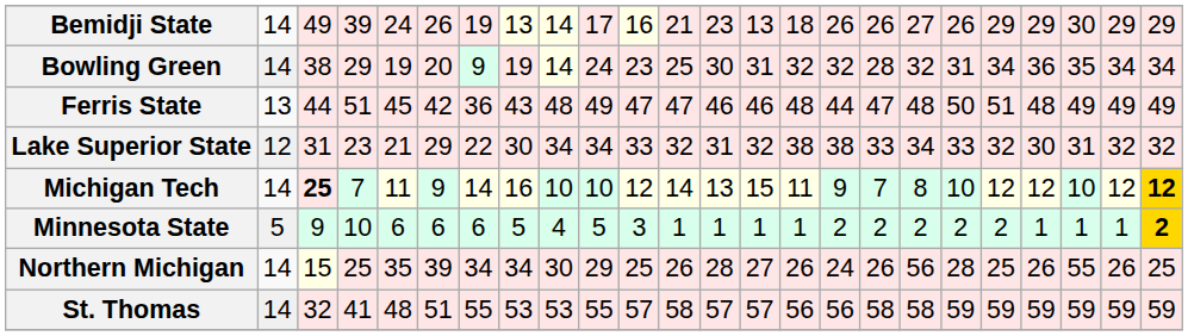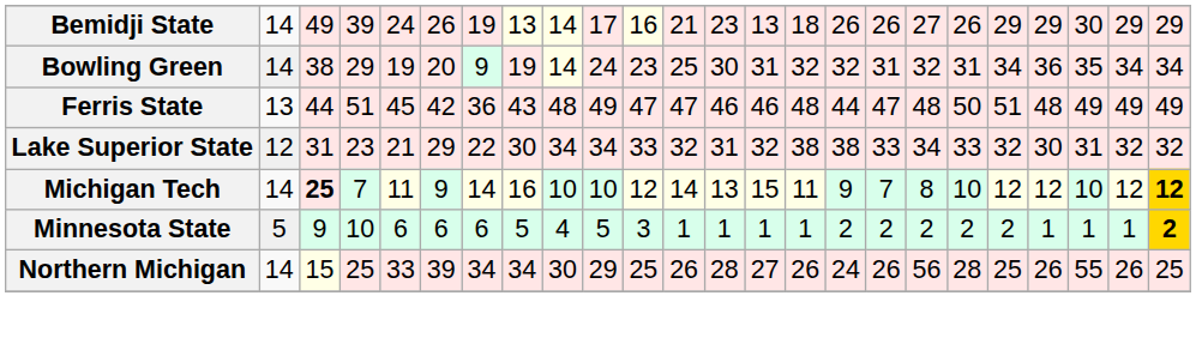 <table class="wikitable sortable" style="text-align: center;">
 <tr>
 </tr>
 <tr>
 <th>Bemidji State</th>
 <td>14</td>
 <td bgcolor=FFE6E6>49</td>
 <td bgcolor=FFE6E6>39</td>
 <td bgcolor=FFE6E6>24</td>
 <td bgcolor=FFE6E6>26</td>
 <td bgcolor=FFE6E6>19</td>
 <td bgcolor=FFFFE6>13</td>
 <td bgcolor=FFFFE6>14</td>
 <td bgcolor=FFE6E6>17</td>
 <td bgcolor=FFFFE6>16</td>
 <td bgcolor=FFE6E6>21</td>
 <td bgcolor=FFE6E6>23</td>
 <td bgcolor=FFE6E6>13</td>
 <td bgcolor=FFE6E6>18</td>
 <td bgcolor=FFE6E6>26</td>
 <td bgcolor=FFE6E6>26</td>
 <td bgcolor=FFE6E6>27</td>
 <td bgcolor=FFE6E6>26</td>
 <td bgcolor=FFE6E6>29</td>
 <td bgcolor=FFE6E6>29</td>
 <td bgcolor=FFE6E6>30</td>
 <td bgcolor=FFE6E6>29</td>
 <td bgcolor=FFE6E6>29</td>
 </tr>
 <tr bgcolor=f0f0f0>
 <th>Bowling Green</th>
 <td>14</td>
 <td bgcolor=FFE6E6>38</td>
 <td bgcolor=FFE6E6>29</td>
 <td bgcolor=FFE6E6>19</td>
 <td bgcolor=FFE6E6>20</td>
 <td bgcolor=D8FFEB>9</td>
 <td bgcolor=FFE6E6>19</td>
 <td bgcolor=FFFFE6>14</td>
 <td bgcolor=FFE6E6>24</td>
 <td bgcolor=FFE6E6>23</td>
 <td bgcolor=FFE6E6>25</td>
 <td bgcolor=FFE6E6>30</td>
 <td bgcolor=FFE6E6>31</td>
 <td bgcolor=FFE6E6>32</td>
 <td bgcolor=FFE6E6>32</td>
-<td bgcolor=FFE6E6>28</td>
+<td bgcolor=FFE6E6>31</td>
 <td bgcolor=FFE6E6>32</td>
 <td bgcolor=FFE6E6>31</td>
 <td bgcolor=FFE6E6>34</td>
 <td bgcolor=FFE6E6>36</td>
 <td bgcolor=FFE6E6>35</td>
 <td bgcolor=FFE6E6>34</td>
 <td bgcolor=FFE6E6>34</td>
 </tr>
 <tr>
 <th>Ferris State</th>
 <td>13</td>
 <td bgcolor=FFE6E6>44</td>
 <td bgcolor=FFE6E6>51</td>
 <td bgcolor=FFE6E6>45</td>
 <td bgcolor=FFE6E6>42</td>
 <td bgcolor=FFE6E6>36</td>
 <td bgcolor=FFE6E6>43</td>
 <td bgcolor=FFE6E6>48</td>
 <td bgcolor=FFE6E6>49</td>
 <td bgcolor=FFE6E6>47</td>
 <td bgcolor=FFE6E6>47</td>
 <td bgcolor=FFE6E6>46</td>
 <td bgcolor=FFE6E6>46</td>
 <td bgcolor=FFE6E6>48</td>
 <td bgcolor=FFE6E6>44</td>
 <td bgcolor=FFE6E6>47</td>
 <td bgcolor=FFE6E6>48</td>
 <td bgcolor=FFE6E6>50</td>
 <td bgcolor=FFE6E6>51</td>
 <td bgcolor=FFE6E6>48</td>
 <td bgcolor=FFE6E6>49</td>
 <td bgcolor=FFE6E6>49</td>
 <td bgcolor=FFE6E6>49</td>
 </tr>
 <tr bgcolor=f0f0f0>
 <th>Lake Superior State</th>
 <td>12</td>
 <td bgcolor=FFE6E6>31</td>
 <td bgcolor=FFE6E6>23</td>
 <td bgcolor=FFE6E6>21</td>
 <td bgcolor=FFE6E6>29</td>
 <td bgcolor=FFE6E6>22</td>
 <td bgcolor=FFE6E6>30</td>
 <td bgcolor=FFE6E6>34</td>
 <td bgcolor=FFE6E6>34</td>
 <td bgcolor=FFE6E6>33</td>
 <td bgcolor=FFE6E6>32</td>
 <td bgcolor=FFE6E6>31</td>
 <td bgcolor=FFE6E6>32</td>
 <td bgcolor=FFE6E6>38</td>
 <td bgcolor=FFE6E6>38</td>
 <td bgcolor=FFE6E6>33</td>
 <td bgcolor=FFE6E6>34</td>
 <td bgcolor=FFE6E6>33</td>
 <td bgcolor=FFE6E6>32</td>
 <td bgcolor=FFE6E6>30</td>
 <td bgcolor=FFE6E6>31</td>
 <td bgcolor=FFE6E6>32</td>
 <td bgcolor=FFE6E6>32</td>
 </tr>
 <tr>
 <th>Michigan Tech</th>
 <td>14</td>
 <td bgcolor=FFE6E6><strong>25</strong></td>
 <td bgcolor=D8FFEB>7</td>
 <td bgcolor=FFFFE6>11</td>
 <td bgcolor=D8FFEB>9</td>
 <td bgcolor=FFFFE6>14</td>
 <td bgcolor=FFFFE6>16</td>
 <td bgcolor=D8FFEB>10</td>
 <td bgcolor=D8FFEB>10</td>
 <td bgcolor=FFFFE6>12</td>
 <td bgcolor=FFFFE6>14</td>
 <td bgcolor=FFFFE6>13</td>
 <td bgcolor=FFFFE6>15</td>
 <td bgcolor=FFFFE6>11</td>
 <td bgcolor=D8FFEB>9</td>
 <td bgcolor=D8FFEB>7</td>
 <td bgcolor=D8FFEB>8</td>
 <td bgcolor=D8FFEB>10</td>
 <td bgcolor=FFFFE6>12</td>
 <td bgcolor=FFFFE6>12</td>
 <td bgcolor=D8FFEB>10</td>
 <td bgcolor=FFFFE6>12</td>
 <td bgcolor=gold><strong>12</strong></td>
 </tr>
 <tr bgcolor=f0f0f0>
 <th>Minnesota State</th>
 <td>5</td>
 <td bgcolor=D8FFEB>9</td>
 <td bgcolor=D8FFEB>10</td>
 <td bgcolor=D8FFEB>6</td>
 <td bgcolor=D8FFEB>6</td>
 <td bgcolor=D8FFEB>6</td>
 <td bgcolor=D8FFEB>5</td>
 <td bgcolor=D8FFEB>4</td>
 <td bgcolor=D8FFEB>5</td>
 <td bgcolor=D8FFEB>3</td>
 <td bgcolor=D8FFEB>1</td>
 <td bgcolor=D8FFEB>1</td>
 <td bgcolor=D8FFEB>1</td>
 <td bgcolor=D8FFEB>1</td>
 <td bgcolor=D8FFEB>2</td>
 <td bgcolor=D8FFEB>2</td>
 <td bgcolor=D8FFEB>2</td>
 <td bgcolor=D8FFEB>2</td>
 <td bgcolor=D8FFEB>2</td>
 <td bgcolor=D8FFEB>1</td>
 <td bgcolor=D8FFEB>1</td>
 <td bgcolor=D8FFEB>1</td>
 <td bgcolor=gold><strong>2</strong></td>
 </tr>
 <tr>
 <th>Northern Michigan</th>
 <td>14</td>
 <td bgcolor=FFFFE6>15</td>
 <td bgcolor=FFE6E6>25</td>
-<td bgcolor=FFE6E6>35</td>
+<td bgcolor=FFE6E6>33</td>
 <td bgcolor=FFE6E6>39</td>
 <td bgcolor=FFE6E6>34</td>
 <td bgcolor=FFE6E6>34</td>
 <td bgcolor=FFE6E6>30</td>
 <td bgcolor=FFE6E6>29</td>
 <td bgcolor=FFE6E6>25</td>
 <td bgcolor=FFE6E6>26</td>
 <td bgcolor=FFE6E6>28</td>
 <td bgcolor=FFE6E6>27</td>
 <td bgcolor=FFE6E6>26</td>
 <td bgcolor=FFE6E6>24</td>
 <td bgcolor=FFE6E6>26</td>
 <td bgcolor=FFE6E6>56</td>
 <td bgcolor=FFE6E6>28</td>
 <td bgcolor=FFE6E6>25</td>
 <td bgcolor=FFE6E6>26</td>
 <td bgcolor=FFE6E6>55</td>
 <td bgcolor=FFE6E6>26</td>
 <td bgcolor=FFE6E6>25</td>
 </tr>
-<tr bgcolor=f0f0f0>
-<th>St. Thomas</th>
-<td>14</td>
-<td bgcolor=FFE6E6>32</td>
-<td bgcolor=FFE6E6>41</td>
-<td bgcolor=FFE6E6>48</td>
-<td bgcolor=FFE6E6>51</td>
-<td bgcolor=FFE6E6>55</td>
-<td bgcolor=FFE6E6>53</td>
-<td bgcolor=FFE6E6>53</td>
-<td bgcolor=FFE6E6>55</td>
-<td bgcolor=FFE6E6>57</td>
-<td bgcolor=FFE6E6>58</td>
-<td bgcolor=FFE6E6>57</td>
-<td bgcolor=FFE6E6>57</td>
-<td bgcolor=FFE6E6>56</td>
-<td bgcolor=FFE6E6>56</td>
-<td bgcolor=FFE6E6>58</td>
-<td bgcolor=FFE6E6>58</td>
-<td bgcolor=FFE6E6>59</td>
-<td bgcolor=FFE6E6>59</td>
-<td bgcolor=FFE6E6>59</td>
-<td bgcolor=FFE6E6>59</td>
-<td bgcolor=FFE6E6>59</td>
-<td bgcolor=FFE6E6>59</td>
-</tr>
 <tr>
 </tr>
 </table>
